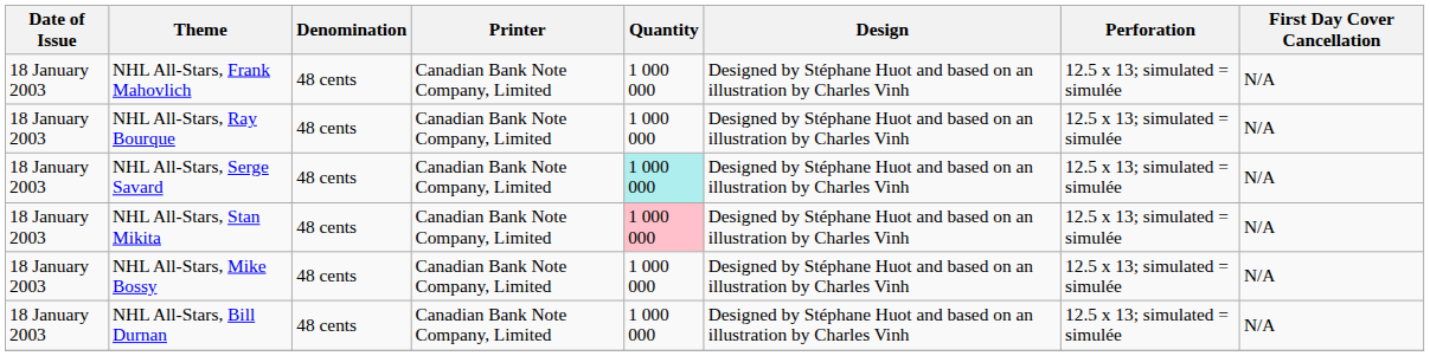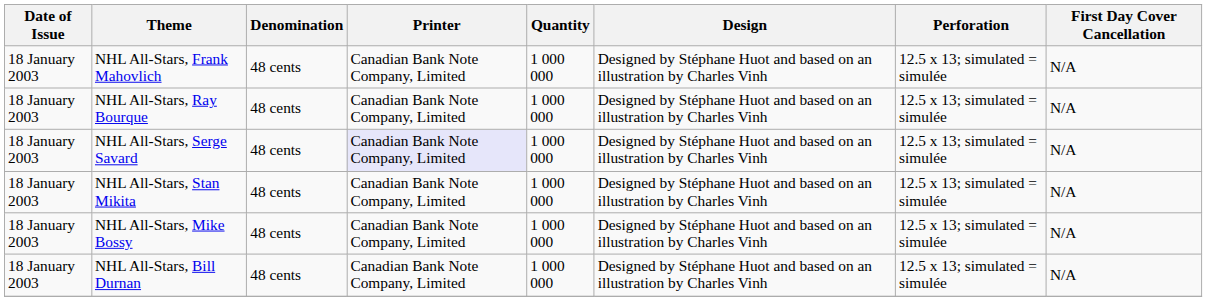 <table class="wikitable sortable">
 <tr>
 <th>Date of Issue</th>
 <th>Theme</th>
 <th>Denomination</th>
 <th>Printer</th>
 <th>Quantity</th>
 <th>Design</th>
 <th>Perforation</th>
 <th>First Day Cover Cancellation</th>
 </tr>
 <tr>
 <td>18 January 2003</td>
 <td>NHL All-Stars, <a href='#'>Frank Mahovlich</a></td>
 <td>48 cents</td>
 <td>Canadian Bank Note Company, Limited</td>
 <td>1 000 000</td>
 <td>Designed by Stéphane Huot and based on an illustration by Charles Vinh</td>
 <td>12.5 x 13; simulated = simulée</td>
 <td>N/A</td>
 </tr>
 <tr>
 <td>18 January 2003</td>
 <td>NHL All-Stars, <a href='#'>Ray Bourque</a></td>
 <td>48 cents</td>
 <td>Canadian Bank Note Company, Limited</td>
 <td>1 000 000</td>
 <td>Designed by Stéphane Huot and based on an illustration by Charles Vinh</td>
 <td>12.5 x 13; simulated = simulée</td>
 <td>N/A</td>
 </tr>
 <tr>
 <td>18 January 2003</td>
 <td>NHL All-Stars, <a href='#'>Serge Savard</a></td>
 <td>48 cents</td>
-<td>Canadian Bank Note Company, Limited</td>
-<td style="background: paleturquoise;">1 000 000</td>
+<td style="background: lavender;">Canadian Bank Note Company, Limited</td>
+<td>1 000 000</td>
 <td>Designed by Stéphane Huot and based on an illustration by Charles Vinh</td>
 <td>12.5 x 13; simulated = simulée</td>
 <td>N/A</td>
 </tr>
 <tr>
 <td>18 January 2003</td>
 <td>NHL All-Stars, <a href='#'>Stan Mikita</a></td>
 <td>48 cents</td>
 <td>Canadian Bank Note Company, Limited</td>
-<td style="background: pink;">1 000 000</td>
+<td>1 000 000</td>
 <td>Designed by Stéphane Huot and based on an illustration by Charles Vinh</td>
 <td>12.5 x 13; simulated = simulée</td>
 <td>N/A</td>
 </tr>
 <tr>
 <td>18 January 2003</td>
 <td>NHL All-Stars, <a href='#'>Mike Bossy</a></td>
 <td>48 cents</td>
 <td>Canadian Bank Note Company, Limited</td>
 <td>1 000 000</td>
 <td>Designed by Stéphane Huot and based on an illustration by Charles Vinh</td>
 <td>12.5 x 13; simulated = simulée</td>
 <td>N/A</td>
 </tr>
 <tr>
 <td>18 January 2003</td>
 <td>NHL All-Stars, <a href='#'>Bill Durnan</a></td>
 <td>48 cents</td>
 <td>Canadian Bank Note Company, Limited</td>
 <td>1 000 000</td>
 <td>Designed by Stéphane Huot and based on an illustration by Charles Vinh</td>
 <td>12.5 x 13; simulated = simulée</td>
 <td>N/A</td>
 </tr>
 <tr>
 </tr>
 </table>
